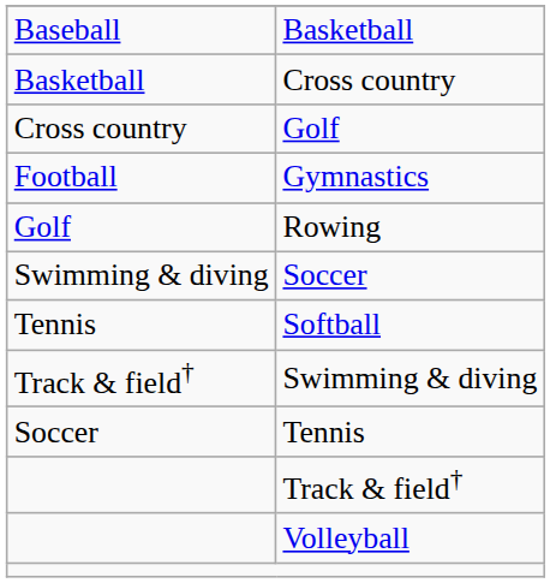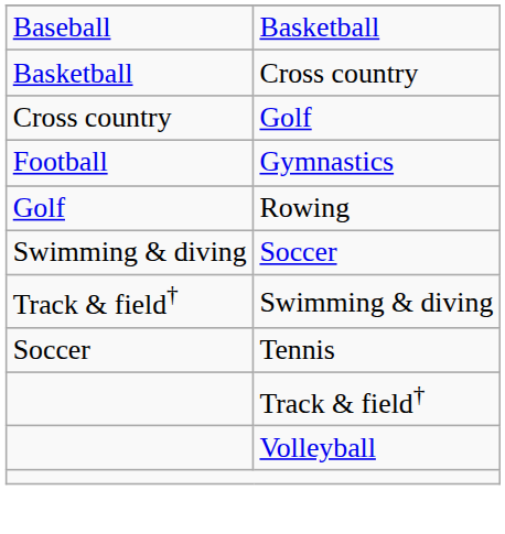 <table class="wikitable" style="float:right; clear:right; margin:0 0 1em 1em;">
 <tr>
 </tr>
 <tr>
 <td><a href='#'>Baseball</a></td>
 <td><a href='#'>Basketball</a></td>
 </tr>
 <tr>
 <td><a href='#'>Basketball</a></td>
 <td>Cross country</td>
 </tr>
 <tr>
 <td>Cross country</td>
 <td><a href='#'>Golf</a></td>
 </tr>
 <tr>
 <td><a href='#'>Football</a></td>
 <td><a href='#'>Gymnastics</a></td>
 </tr>
 <tr>
 <td><a href='#'>Golf</a></td>
 <td>Rowing</td>
 </tr>
 <tr>
 <td>Swimming & diving</td>
 <td><a href='#'>Soccer</a></td>
 </tr>
 <tr>
-<td>Tennis</td>
-<td><a href='#'>Softball</a></td>
-</tr>
-<tr>
 <td>Track & field<sup>†</sup></td>
 <td>Swimming & diving</td>
 </tr>
 <tr>
 <td>Soccer</td>
 <td>Tennis</td>
 </tr>
 <tr>
 <td></td>
 <td>Track & field<sup>†</sup></td>
 </tr>
 <tr>
 <td></td>
 <td><a href='#'>Volleyball</a></td>
 </tr>
 <tr>
 <td colspan="2"></td>
 </tr>
 </table>
